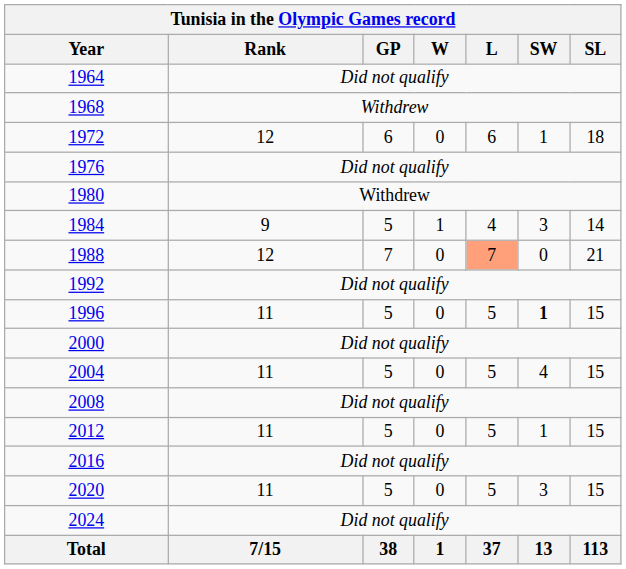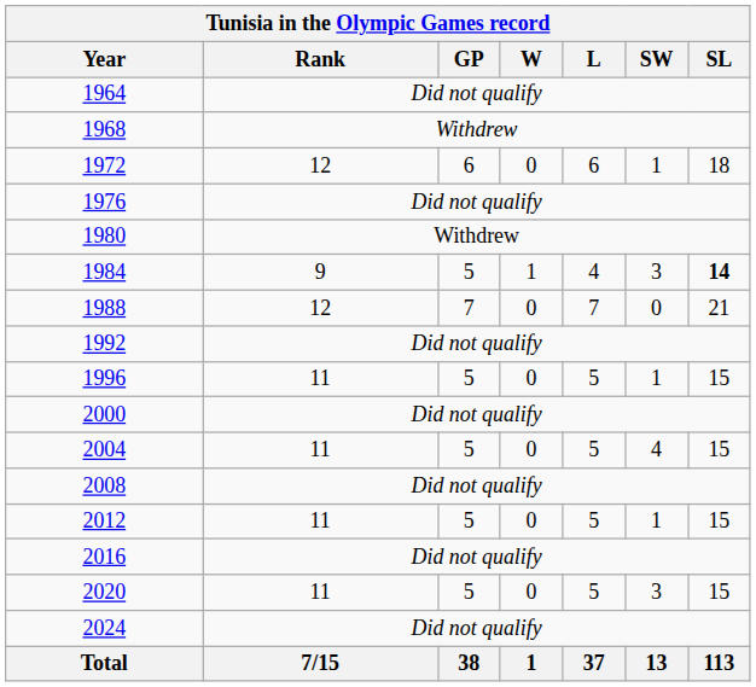 <table class="wikitable" style="text-align: center;font-size:90%;">
 <tr>
 <th colspan=10>Tunisia in the <a href='#'>Olympic Games record</a></th>
 </tr>
 <tr>
 <th width=125>Year</th>
 <th width=150>Rank</th>
 <th width=35>GP</th>
 <th width=35>W</th>
 <th width=35>L</th>
 <th width=35>SW</th>
 <th width=35>SL</th>
 </tr>
 <tr>
 <td> <a href='#'>1964</a></td>
 <td colspan=6><em>Did not qualify</em></td>
 </tr>
 <tr>
 <td> <a href='#'>1968</a></td>
 <td colspan=6><em>Withdrew</em></td>
 </tr>
 <tr>
 <td> <a href='#'>1972</a></td>
 <td>12</td>
 <td>6</td>
 <td>0</td>
 <td>6</td>
 <td>1</td>
 <td>18</td>
 </tr>
 <tr>
 <td> <a href='#'>1976</a></td>
 <td colspan=6><em>Did not qualify</em></td>
 </tr>
 <tr>
 <td> <a href='#'>1980</a></td>
 <td colspan=6>Withdrew</td>
 </tr>
 <tr>
 <td> <a href='#'>1984</a></td>
 <td>9</td>
 <td>5</td>
 <td>1</td>
 <td>4</td>
 <td>3</td>
-<td>14</td>
+<td><strong>14</strong></td>
 </tr>
 <tr>
 <td> <a href='#'>1988</a></td>
 <td>12</td>
 <td>7</td>
 <td>0</td>
-<td style="background: lightsalmon;">7</td>
+<td>7</td>
 <td>0</td>
 <td>21</td>
 </tr>
 <tr>
 <td> <a href='#'>1992</a></td>
 <td colspan=6><em>Did not qualify</em></td>
 </tr>
 <tr>
 <td> <a href='#'>1996</a></td>
 <td>11</td>
 <td>5</td>
 <td>0</td>
 <td>5</td>
-<td><strong>1</strong></td>
+<td>1</td>
 <td>15</td>
 </tr>
 <tr>
 <td> <a href='#'>2000</a></td>
 <td colspan=6><em>Did not qualify</em></td>
 </tr>
 <tr>
 <td> <a href='#'>2004</a></td>
 <td>11</td>
 <td>5</td>
 <td>0</td>
 <td>5</td>
 <td>4</td>
 <td>15</td>
 </tr>
 <tr>
 <td> <a href='#'>2008</a></td>
 <td colspan=6><em>Did not qualify</em></td>
 </tr>
 <tr>
 <td> <a href='#'>2012</a></td>
 <td>11</td>
 <td>5</td>
 <td>0</td>
 <td>5</td>
 <td>1</td>
 <td>15</td>
 </tr>
 <tr>
 <td> <a href='#'>2016</a></td>
 <td colspan=6><em>Did not qualify</em></td>
 </tr>
 <tr>
 <td> <a href='#'>2020</a></td>
 <td>11</td>
 <td>5</td>
 <td>0</td>
 <td>5</td>
 <td>3</td>
 <td>15</td>
 </tr>
 <tr>
 <td> <a href='#'>2024</a></td>
 <td colspan=6><em>Did not qualify</em></td>
 </tr>
 <tr>
 <th>Total</th>
 <th>7/15</th>
 <th>38</th>
 <th>1</th>
 <th>37</th>
 <th>13</th>
 <th>113</th>
 </tr>
 </table>
